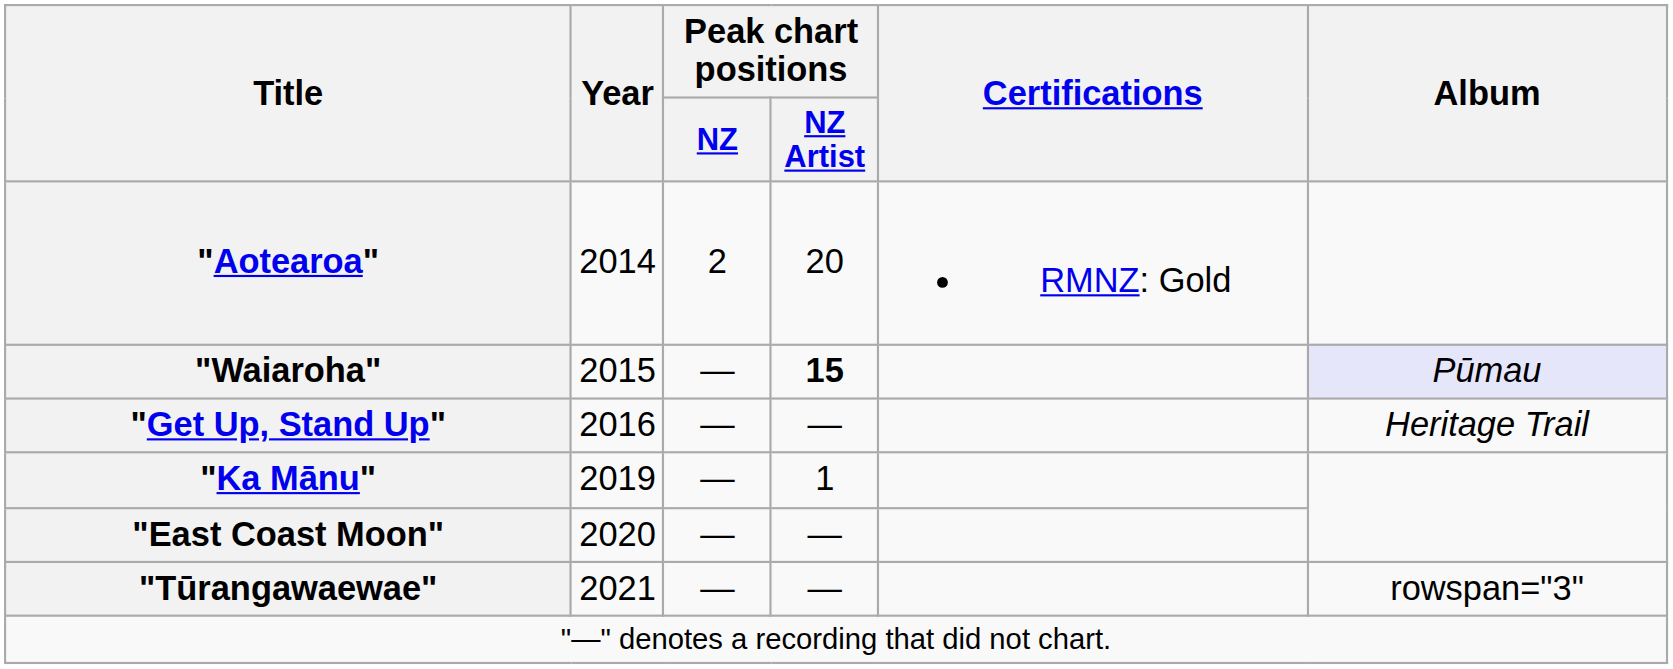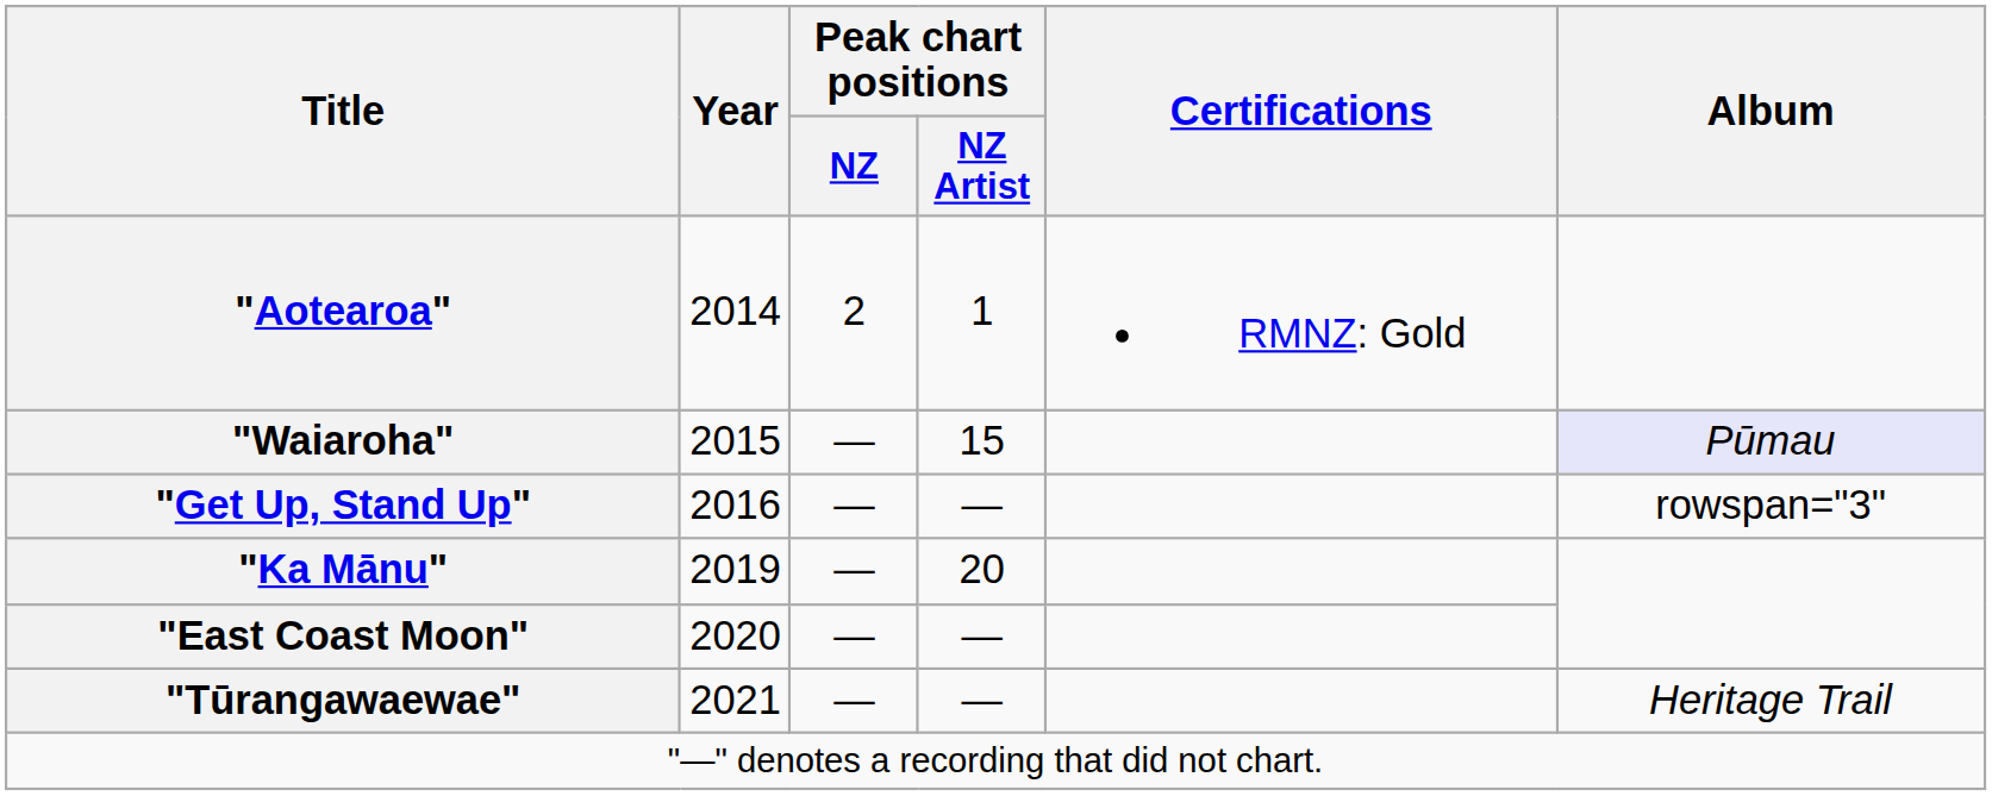 <table class="wikitable plainrowheaders" style="text-align:center;">
 <tr>
 <th scope="col" rowspan="2" style="width:16em;">Title</th>
 <th scope="col" rowspan="2" style="width:1em;">Year</th>
 <th scope="col" colspan="2">Peak chart positions</th>
 <th scope="col" rowspan="2" style="width:12em;"><a href='#'>Certifications</a></th>
 <th scope="col" rowspan="2" style="width:10em;">Album</th>
 </tr>
 <tr>
 <th scope="col" style="width:3em;font-size:90%;"><a href='#'>NZ</a><br></th>
 <th scope="col" style="width:3em;font-size:90%;"><a href='#'>NZ<br>Artist</a><br></th>
 </tr>
 <tr>
 <th scope="row">"<a href='#'>Aotearoa</a>"<br></th>
 <td>2014</td>
 <td>2</td>
-<td>20</td>
+<td>1</td>
 <td><br><ul><li><a href='#'>RMNZ</a>: Gold</li></ul></td>
 <td></td>
 </tr>
 <tr>
 <th scope="row">"Waiaroha"<br></th>
 <td>2015</td>
 <td>—</td>
-<td><strong>15</strong></td>
+<td>15</td>
 <td></td>
 <td style="background: lavender;"><em>Pūmau</em></td>
 </tr>
 <tr>
 <th scope="row">"<a href='#'>Get Up, Stand Up</a>"<br></th>
 <td>2016</td>
 <td>—</td>
 <td>—</td>
 <td></td>
-<td><em>Heritage Trail</em></td>
+<td>rowspan="3" </td>
 </tr>
 <tr>
 <th scope="row">"<a href='#'>Ka Mānu</a>"<br></th>
 <td>2019</td>
 <td>—</td>
-<td>1</td>
+<td>20</td>
 <td></td>
 </tr>
 <tr>
 <th scope="row">"East Coast Moon"<br></th>
 <td>2020</td>
 <td>—</td>
 <td>—</td>
 <td></td>
 </tr>
 <tr>
 <th scope="row">"Tūrangawaewae"<br></th>
 <td>2021</td>
 <td>—</td>
 <td>—</td>
 <td></td>
-<td>rowspan="3" </td>
+<td><em>Heritage Trail</em></td>
 </tr>
 <tr>
 <td colspan="8" style="font-size:85%;">"—" denotes a recording that did not chart.</td>
 </tr>
 </table>
